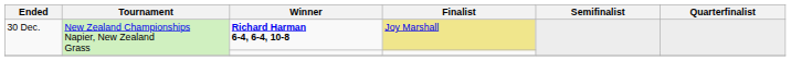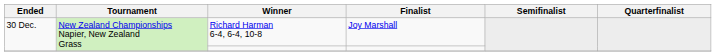 <table class="wikitable" style="font-size:85%;">
 <tr>
 <th width="75">Ended</th>
 <th width="230">Tournament</th>
 <th width="210">Winner</th>
 <th width="210">Finalist</th>
 <th width="170">Semifinalist</th>
 <th width="170">Quarterfinalist</th>
 </tr>
 <tr valign=top>
 <td rowspan=2>30 Dec.</td>
 <td style="background:#d0f0c0" rowspan=2><a href='#'>New Zealand Championships</a><br>Napier, New Zealand<br>Grass</td>
-<td><strong> <a href='#'>Richard Harman</a><br>6-4, 6-4, 10-8</strong></td>
-<td style="background: khaki;"> <a href='#'>Joy Marshall</a></td>
+<td> <a href='#'>Richard Harman</a><br>6-4, 6-4, 10-8</td>
+<td> <a href='#'>Joy Marshall</a></td>
 <td style="background:#ededed;" rowspan=2></td>
 <td style="background:#ededed;" rowspan=2></td>
 </tr>
 <tr valign=top>
 <td></td>
 <td></td>
 </tr>
 <tr valign=top>
 </tr>
 </table>
